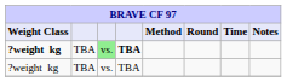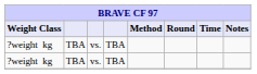 <table class="wikitable" style="font-size: 80%;">
 <tr>
 <th colspan="8" style="background-color: #ccf; color: #000080; text-align: center;"><strong>BRAVE CF 97 </strong></th>
 </tr>
 <tr>
 <th colspan="1" style="background-color: #E6E8FA; color: #000000; text-align: center;">Weight Class</th>
 <th colspan="1" style="background-color: #E6E8FA; color: #000000; text-align: center;"></th>
 <th colspan="1" style="background-color: #E6E8FA; color: #000000; text-align: center;"></th>
 <th colspan="1" style="background-color: #E6E8FA; color: #000000; text-align: center;"></th>
 <th colspan="1" style="background-color: #E6E8FA; color: #000000; text-align: center;">Method</th>
 <th colspan="1" style="background-color: #E6E8FA; color: #000000; text-align: center;">Round</th>
 <th colspan="1" style="background-color: #E6E8FA; color: #000000; text-align: center;">Time</th>
 <th colspan="1" style="background-color: #E6E8FA; color: #000000; text-align: center;">Notes</th>
 </tr>
 <tr>
-<td><strong>?weight  kg</strong></td>
+<td>?weight  kg</td>
 <td> TBA</td>
-<td align=center style="background: lightgreen;">vs.</td>
-<td><strong> TBA</strong></td>
+<td align=center>vs.</td>
+<td> TBA</td>
 <td></td>
 <td align=center></td>
 <td align=center></td>
 <td></td>
 </tr>
 <tr>
 <td>?weight  kg</td>
 <td> TBA</td>
 <td align=center>vs.</td>
 <td> TBA</td>
 <td></td>
 <td align=center></td>
 <td align=center></td>
 <td></td>
 </tr>
 <tr>
 </tr>
 </table>
